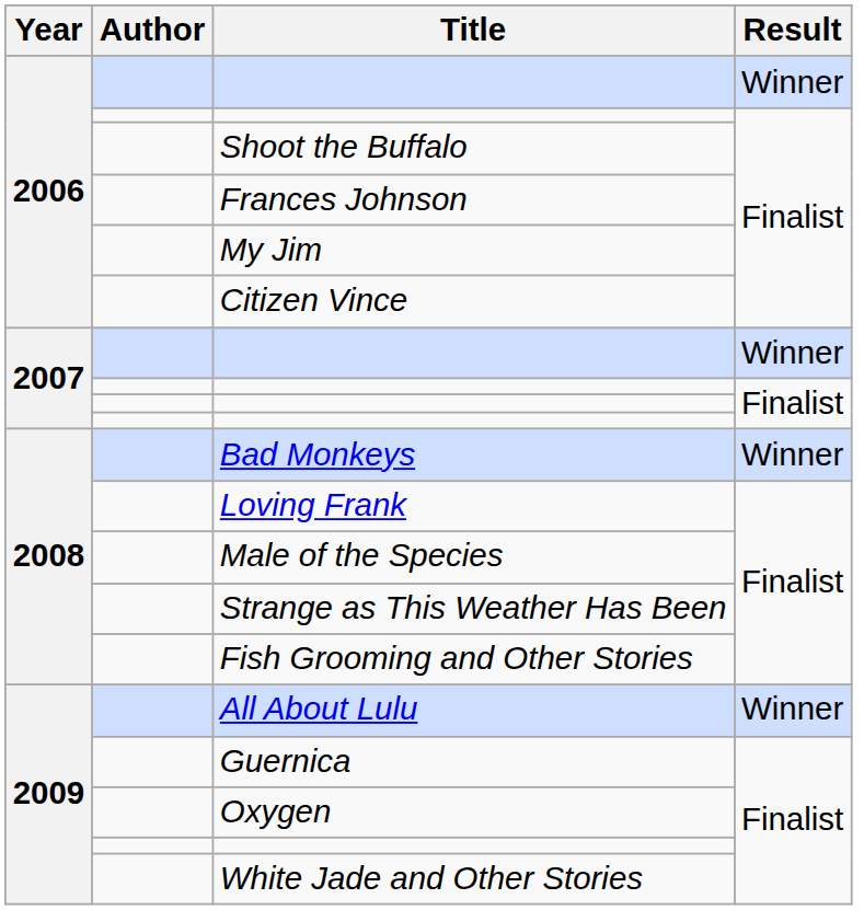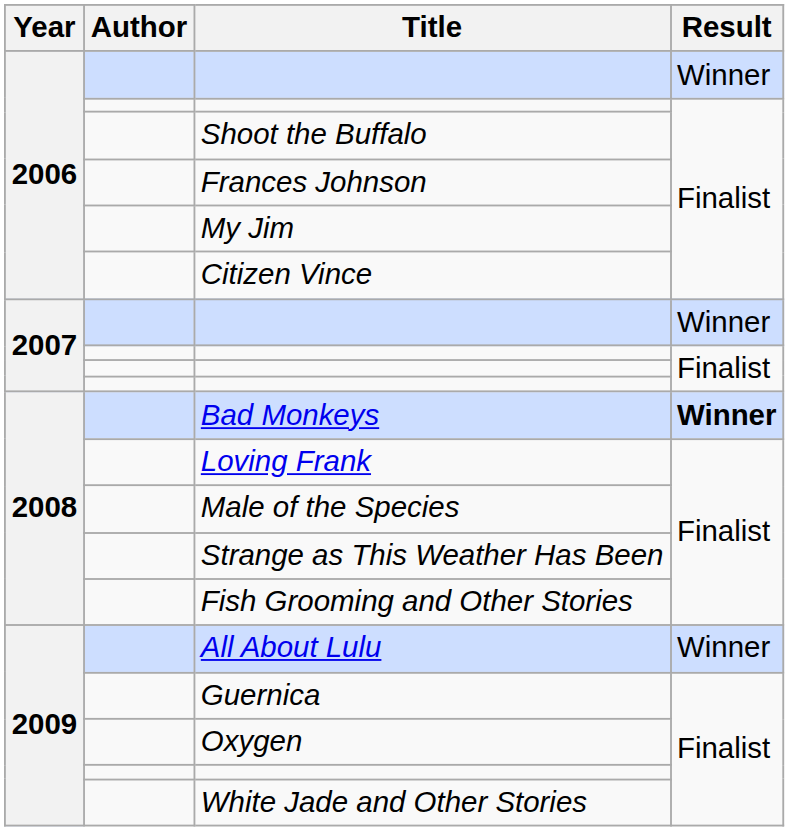 <table class="wikitable sortable mw-collapsible">
 <tr>
 <th>Year</th>
 <th>Author</th>
 <th>Title</th>
 <th>Result</th>
 </tr>
 <tr style="background:#cddeff">
 <th rowspan="6">2006</th>
 <td></td>
 <td><em></em></td>
 <td>Winner</td>
 </tr>
 <tr>
 <td></td>
 <td><em></em></td>
 <td rowspan="5">Finalist</td>
 </tr>
 <tr>
 <td></td>
 <td><em>Shoot the Buffalo</em></td>
 </tr>
 <tr>
 <td></td>
 <td><em>Frances Johnson</em></td>
 </tr>
 <tr>
 <td></td>
 <td><em>My Jim</em></td>
 </tr>
 <tr>
 <td></td>
 <td><em>Citizen Vince</em></td>
 </tr>
 <tr style="background:#cddeff">
 <th rowspan="4">2007</th>
 <td></td>
 <td><em></em></td>
 <td>Winner</td>
 </tr>
 <tr>
 <td></td>
 <td><em></em></td>
 <td rowspan="3">Finalist</td>
 </tr>
 <tr>
 <td></td>
 <td><em></em></td>
 </tr>
 <tr>
 <td></td>
 <td><em></em></td>
 </tr>
 <tr style="background:#cddeff">
 <th rowspan="5">2008</th>
 <td></td>
 <td><em><a href='#'>Bad Monkeys</a></em></td>
-<td>Winner</td>
+<td><strong>Winner</strong></td>
 </tr>
 <tr>
 <td></td>
 <td><em><a href='#'>Loving Frank</a></em></td>
 <td rowspan="4">Finalist</td>
 </tr>
 <tr>
 <td></td>
 <td><em>Male of the Species</em></td>
 </tr>
 <tr>
 <td></td>
 <td><em>Strange as This Weather Has Been</em></td>
 </tr>
 <tr>
 <td></td>
 <td><em>Fish Grooming and Other Stories</em></td>
 </tr>
 <tr style="background:#cddeff">
 <th rowspan="5">2009</th>
 <td></td>
 <td><em><a href='#'>All About Lulu</a></em></td>
 <td>Winner</td>
 </tr>
 <tr>
 <td></td>
 <td><em>Guernica</em></td>
 <td rowspan="4">Finalist</td>
 </tr>
 <tr>
 <td></td>
 <td><em>Oxygen</em></td>
 </tr>
 <tr>
 <td></td>
 <td><em></em></td>
 </tr>
 <tr>
 <td></td>
 <td><em>White Jade and Other Stories</em></td>
 </tr>
 </table>
